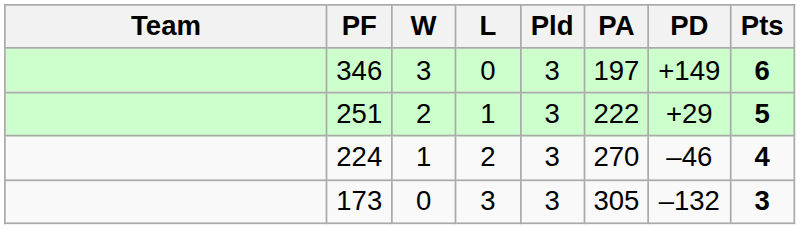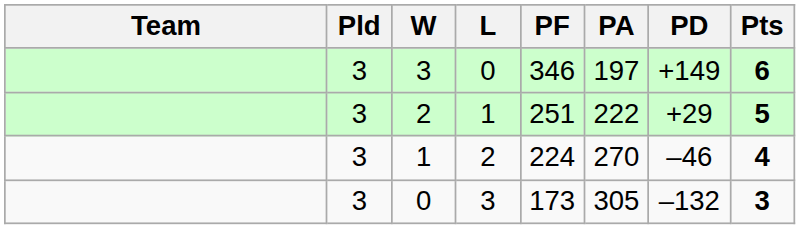 <table class=wikitable style="text-align:center">
 <tr>
 <th width=180>Team</th>
-<th width=30>PF</th>
+<th width=30>Pld</th>
 <th width=30>W</th>
 <th width=30>L</th>
-<th width=30>Pld</th>
+<th width=30>PF</th>
 <th width=30>PA</th>
 <th width=40>PD</th>
 <th width=30>Pts</th>
 </tr>
 <tr bgcolor="#ccffcc">
 <td align="left"></td>
-<td>346</td>
+<td>3</td>
 <td>3</td>
 <td>0</td>
-<td>3</td>
+<td>346</td>
 <td>197</td>
 <td>+149</td>
 <td><strong>6</strong></td>
 </tr>
 <tr bgcolor="#ccffcc">
 <td align="left"></td>
-<td>251</td>
+<td>3</td>
 <td>2</td>
 <td>1</td>
-<td>3</td>
+<td>251</td>
 <td>222</td>
 <td>+29</td>
 <td><strong>5</strong></td>
 </tr>
 <tr>
 <td align="left"></td>
-<td>224</td>
+<td>3</td>
 <td>1</td>
 <td>2</td>
-<td>3</td>
+<td>224</td>
 <td>270</td>
 <td>–46</td>
 <td><strong>4</strong></td>
 </tr>
 <tr>
 <td align="left"></td>
-<td>173</td>
+<td>3</td>
 <td>0</td>
 <td>3</td>
-<td>3</td>
+<td>173</td>
 <td>305</td>
 <td>–132</td>
 <td><strong>3</strong></td>
 </tr>
 </table>
